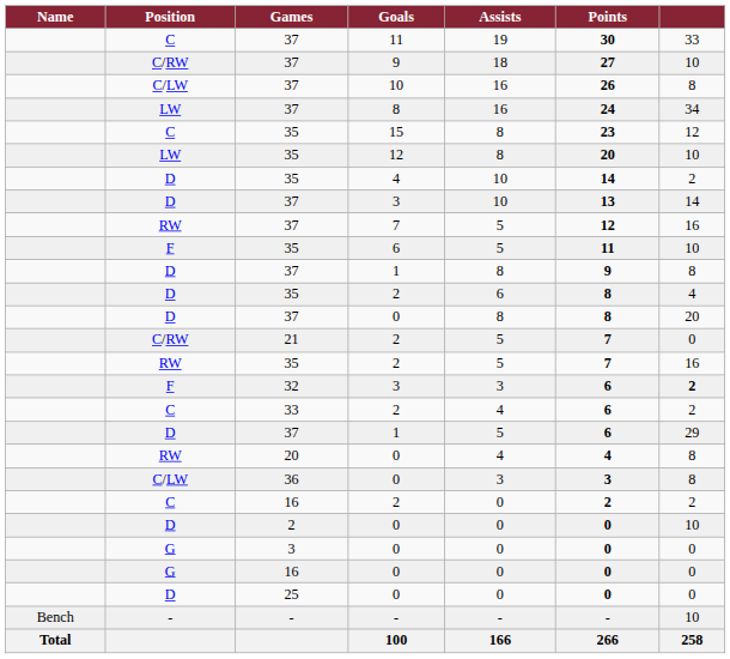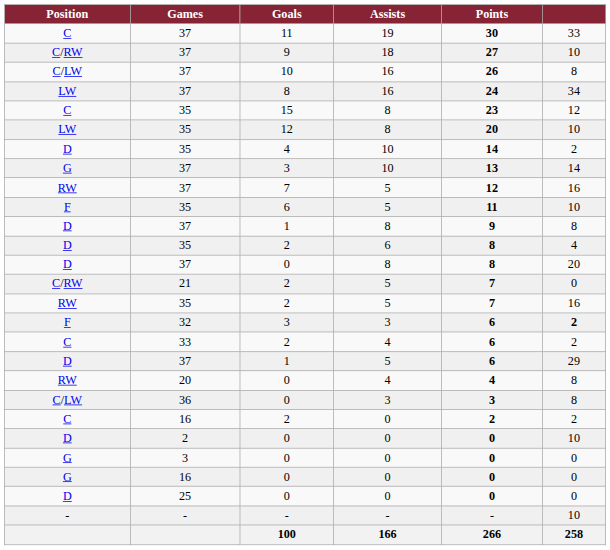 <table class="wikitable sortable" width ="50%">
 <tr align="center">
-<th style="color:white; background:#862334; ">Name</th>
 <th style="color:white; background:#862334; ">Position</th>
 <th style="color:white; background:#862334; ">Games</th>
 <th style="color:white; background:#862334; ">Goals</th>
 <th style="color:white; background:#862334; ">Assists</th>
 <th style="color:white; background:#862334; ">Points</th>
 <th style="color:white; background:#862334; "><a href='#'></a></th>
 </tr>
 <tr align="center" bgcolor="">
-<td></td>
 <td><a href='#'>C</a></td>
 <td>37</td>
 <td>11</td>
 <td>19</td>
 <td><strong>30</strong></td>
 <td>33</td>
 </tr>
 <tr align="center" bgcolor="f0f0f0">
-<td></td>
 <td><a href='#'>C</a>/<a href='#'>RW</a></td>
 <td>37</td>
 <td>9</td>
 <td>18</td>
 <td><strong>27</strong></td>
 <td>10</td>
 </tr>
 <tr align="center" bgcolor="">
-<td></td>
 <td><a href='#'>C</a>/<a href='#'>LW</a></td>
 <td>37</td>
 <td>10</td>
 <td>16</td>
 <td><strong>26</strong></td>
 <td>8</td>
 </tr>
 <tr align="center" bgcolor="f0f0f0">
-<td></td>
 <td><a href='#'>LW</a></td>
 <td>37</td>
 <td>8</td>
 <td>16</td>
 <td><strong>24</strong></td>
 <td>34</td>
 </tr>
 <tr align="center" bgcolor="">
-<td></td>
 <td><a href='#'>C</a></td>
 <td>35</td>
 <td>15</td>
 <td>8</td>
 <td><strong>23</strong></td>
 <td>12</td>
 </tr>
 <tr align="center" bgcolor="f0f0f0">
-<td></td>
 <td><a href='#'>LW</a></td>
 <td>35</td>
 <td>12</td>
 <td>8</td>
 <td><strong>20</strong></td>
 <td>10</td>
 </tr>
 <tr align="center" bgcolor="">
-<td></td>
 <td><a href='#'>D</a></td>
 <td>35</td>
 <td>4</td>
 <td>10</td>
 <td><strong>14</strong></td>
 <td>2</td>
 </tr>
 <tr align="center" bgcolor="f0f0f0">
-<td></td>
-<td><a href='#'>D</a></td>
+<td><a href='#'>G</a></td>
 <td>37</td>
 <td>3</td>
 <td>10</td>
 <td><strong>13</strong></td>
 <td>14</td>
 </tr>
 <tr align="center" bgcolor="">
-<td></td>
 <td><a href='#'>RW</a></td>
 <td>37</td>
 <td>7</td>
 <td>5</td>
 <td><strong>12</strong></td>
 <td>16</td>
 </tr>
 <tr align="center" bgcolor="f0f0f0">
-<td></td>
 <td><a href='#'>F</a></td>
 <td>35</td>
 <td>6</td>
 <td>5</td>
 <td><strong>11</strong></td>
 <td>10</td>
 </tr>
 <tr align="center" bgcolor="">
-<td></td>
 <td><a href='#'>D</a></td>
 <td>37</td>
 <td>1</td>
 <td>8</td>
 <td><strong>9</strong></td>
 <td>8</td>
 </tr>
 <tr align="center" bgcolor="f0f0f0">
-<td></td>
 <td><a href='#'>D</a></td>
 <td>35</td>
 <td>2</td>
 <td>6</td>
 <td><strong>8</strong></td>
 <td>4</td>
 </tr>
 <tr align="center" bgcolor="">
-<td></td>
 <td><a href='#'>D</a></td>
 <td>37</td>
 <td>0</td>
 <td>8</td>
 <td><strong>8</strong></td>
 <td>20</td>
 </tr>
 <tr align="center" bgcolor="f0f0f0">
-<td></td>
 <td><a href='#'>C</a>/<a href='#'>RW</a></td>
 <td>21</td>
 <td>2</td>
 <td>5</td>
 <td><strong>7</strong></td>
 <td>0</td>
 </tr>
 <tr align="center" bgcolor="">
-<td></td>
 <td><a href='#'>RW</a></td>
 <td>35</td>
 <td>2</td>
 <td>5</td>
 <td><strong>7</strong></td>
 <td>16</td>
 </tr>
 <tr align="center" bgcolor="f0f0f0">
-<td></td>
 <td><a href='#'>F</a></td>
 <td>32</td>
 <td>3</td>
 <td>3</td>
 <td><strong>6</strong></td>
 <td><strong>2</strong></td>
 </tr>
 <tr align="center" bgcolor="">
-<td></td>
 <td><a href='#'>C</a></td>
 <td>33</td>
 <td>2</td>
 <td>4</td>
 <td><strong>6</strong></td>
 <td>2</td>
 </tr>
 <tr align="center" bgcolor="f0f0f0">
-<td></td>
 <td><a href='#'>D</a></td>
 <td>37</td>
 <td>1</td>
 <td>5</td>
 <td><strong>6</strong></td>
 <td>29</td>
 </tr>
 <tr align="center" bgcolor="">
-<td></td>
 <td><a href='#'>RW</a></td>
 <td>20</td>
 <td>0</td>
 <td>4</td>
 <td><strong>4</strong></td>
 <td>8</td>
 </tr>
 <tr align="center" bgcolor="f0f0f0">
-<td></td>
 <td><a href='#'>C</a>/<a href='#'>LW</a></td>
 <td>36</td>
 <td>0</td>
 <td>3</td>
 <td><strong>3</strong></td>
 <td>8</td>
 </tr>
 <tr align="center" bgcolor="">
-<td></td>
 <td><a href='#'>C</a></td>
 <td>16</td>
 <td>2</td>
 <td>0</td>
 <td><strong>2</strong></td>
 <td>2</td>
 </tr>
 <tr align="center" bgcolor="f0f0f0">
-<td></td>
 <td><a href='#'>D</a></td>
 <td>2</td>
 <td>0</td>
 <td>0</td>
 <td><strong>0</strong></td>
 <td>10</td>
 </tr>
 <tr align="center" bgcolor="">
-<td></td>
 <td><a href='#'>G</a></td>
 <td>3</td>
 <td>0</td>
 <td>0</td>
 <td><strong>0</strong></td>
 <td>0</td>
 </tr>
 <tr align="center" bgcolor="f0f0f0">
-<td></td>
 <td><a href='#'>G</a></td>
 <td>16</td>
 <td>0</td>
 <td>0</td>
 <td><strong>0</strong></td>
 <td>0</td>
 </tr>
 <tr align="center" bgcolor="">
-<td></td>
 <td><a href='#'>D</a></td>
 <td>25</td>
 <td>0</td>
 <td>0</td>
 <td><strong>0</strong></td>
 <td>0</td>
 </tr>
 <tr align="center" bgcolor="f0f0f0">
-<td>Bench</td>
 <td>-</td>
 <td>-</td>
 <td>-</td>
 <td>-</td>
 <td>-</td>
 <td>10</td>
 </tr>
 <tr>
-<th>Total</th>
 <th></th>
 <th></th>
 <th>100</th>
 <th>166</th>
 <th>266</th>
 <th>258</th>
 </tr>
 </table>
